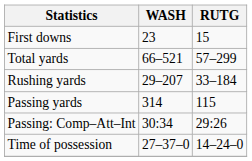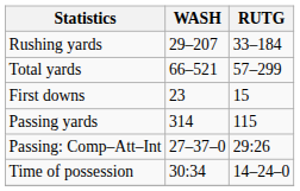 <table class="wikitable" style="float: left;">
 <tr>
 <th>Statistics</th>
 <th>WASH</th>
 <th>RUTG</th>
 </tr>
 <tr>
-<td>First downs</td>
-<td>23</td>
-<td>15</td>
+<td>Rushing yards</td>
+<td>29–207</td>
+<td>33–184</td>
 </tr>
 <tr>
 <td>Total yards</td>
 <td>66–521</td>
 <td>57–299</td>
 </tr>
 <tr>
-<td>Rushing yards</td>
-<td>29–207</td>
-<td>33–184</td>
+<td>First downs</td>
+<td>23</td>
+<td>15</td>
 </tr>
 <tr>
 <td>Passing yards</td>
 <td>314</td>
 <td>115</td>
 </tr>
 <tr>
 <td>Passing: Comp–Att–Int</td>
-<td>30:34</td>
+<td>27–37–0</td>
 <td>29:26</td>
 </tr>
 <tr>
 <td>Time of possession</td>
-<td>27–37–0</td>
+<td>30:34</td>
 <td>14–24–0</td>
 </tr>
 <tr>
 </tr>
 </table>
